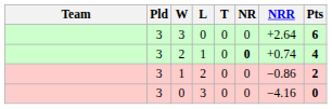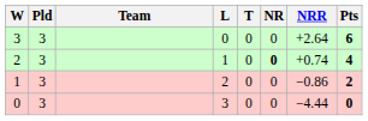 <table class="wikitable" style="text-align:center">
 <tr>
+<th width=20 abbr="Won">W</th>
+<th width=20 abbr="Played">Pld</th>
 <th width=175>Team</th>
-<th width=20 abbr="Played">Pld</th>
-<th width=20 abbr="Won">W</th>
 <th width=20 abbr="Lost">L</th>
 <th width=20 abbr="Tied">T</th>
 <th width=20 abbr="No result">NR</th>
 <th width=50 abbr="Net run rate"><a href='#'>NRR</a></th>
 <th width=20 abbr="Points">Pts</th>
 </tr>
 <tr bgcolor="#ccffcc">
-<td align="left"></td>
 <td>3</td>
 <td>3</td>
+<td align="left"></td>
 <td>0</td>
 <td>0</td>
 <td>0</td>
 <td>+2.64</td>
 <td><strong>6</strong></td>
 </tr>
 <tr bgcolor="#ccffcc">
+<td>2</td>
+<td>3</td>
 <td align="left"></td>
-<td>3</td>
-<td>2</td>
 <td>1</td>
 <td>0</td>
 <td><strong>0</strong></td>
 <td>+0.74</td>
 <td><strong>4</strong></td>
 </tr>
 <tr bgcolor="#ffcccc">
+<td>1</td>
+<td>3</td>
 <td align="left"></td>
-<td>3</td>
-<td>1</td>
 <td>2</td>
 <td>0</td>
 <td>0</td>
 <td>−0.86</td>
 <td><strong>2</strong></td>
 </tr>
 <tr bgcolor="#ffcccc">
+<td>0</td>
+<td>3</td>
 <td align="left"></td>
 <td>3</td>
 <td>0</td>
-<td>3</td>
 <td>0</td>
-<td>0</td>
-<td>−4.16</td>
+<td>−4.44</td>
 <td><strong>0</strong></td>
 </tr>
 </table>
